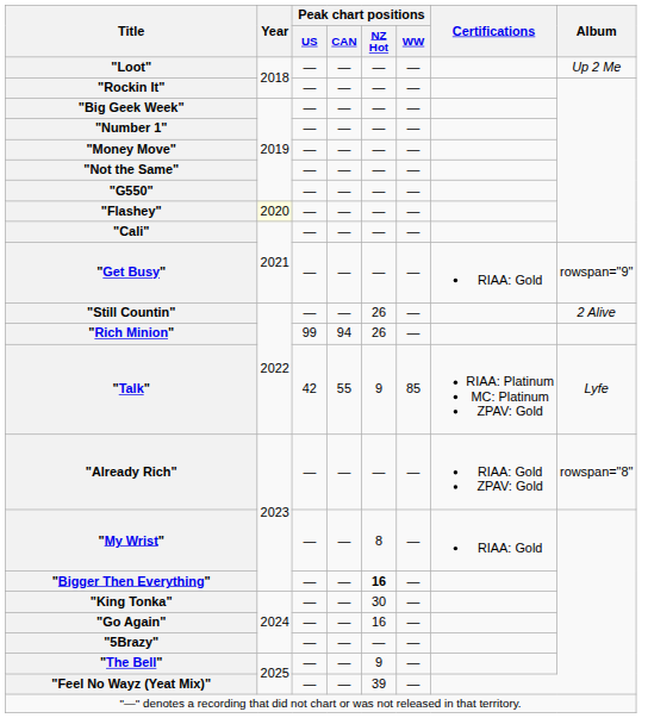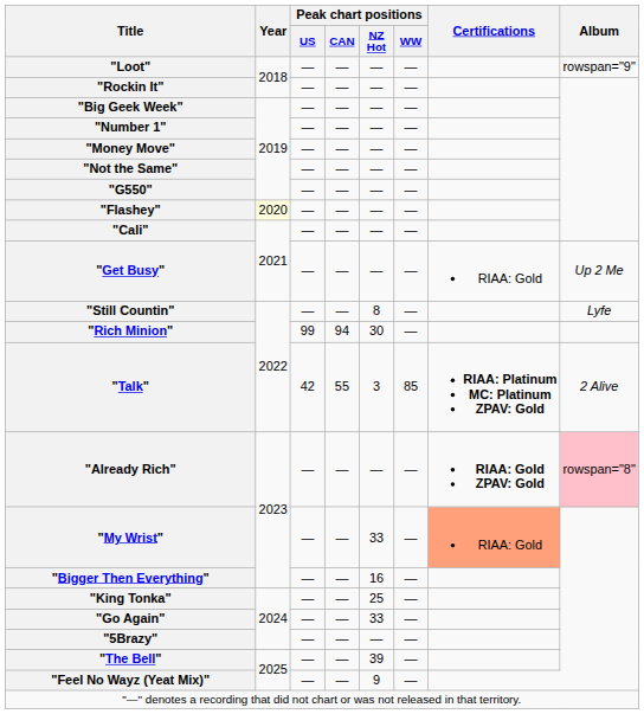 <table class="wikitable plainrowheaders" style="text-align:center;">
 <tr>
 <th scope="col" rowspan="2" style="width:19em;">Title</th>
 <th scope="col" rowspan="2">Year</th>
 <th scope="col" colspan="4">Peak chart positions</th>
 <th scope="col" rowspan="2"><a href='#'>Certifications</a></th>
 <th scope="col" rowspan="2">Album</th>
 </tr>
 <tr>
 <th scope="col" style="width:2.5em;font-size:90%;"><a href='#'>US</a><br></th>
 <th scope="col" style="width:2.5em;font-size:90%;"><a href='#'>CAN</a><br></th>
 <th scope="col" style="width:2.5em;font-size:90%;"><a href='#'>NZ<br>Hot</a><br></th>
 <th scope="col" style="width:2.5em;font-size:90%;"><a href='#'>WW</a><br></th>
 </tr>
 <tr>
 <th scope="row">"Loot"<br></th>
 <td rowspan="2">2018</td>
 <td>—</td>
 <td>—</td>
 <td>—</td>
 <td>—</td>
 <td></td>
-<td><em>Up 2 Me</em></td>
+<td>rowspan="9" </td>
 </tr>
 <tr>
 <th scope="row">"Rockin It"</th>
 <td>—</td>
 <td>—</td>
 <td>—</td>
 <td>—</td>
 <td></td>
 </tr>
 <tr>
 <th scope="row">"Big Geek Week"</th>
 <td rowspan="5">2019</td>
 <td>—</td>
 <td>—</td>
 <td>—</td>
 <td>—</td>
 <td></td>
 </tr>
 <tr>
 <th scope="row">"Number 1"</th>
 <td>—</td>
 <td>—</td>
 <td>—</td>
 <td>—</td>
 <td></td>
 </tr>
 <tr>
 <th scope="row">"Money Move"<br></th>
 <td>—</td>
 <td>—</td>
 <td>—</td>
 <td>—</td>
 <td></td>
 </tr>
 <tr>
 <th scope="row">"Not the Same"</th>
 <td>—</td>
 <td>—</td>
 <td>—</td>
 <td>—</td>
 <td></td>
 </tr>
 <tr>
 <th scope="row">"G550"<br></th>
 <td>—</td>
 <td>—</td>
 <td>—</td>
 <td>—</td>
 <td></td>
 </tr>
 <tr>
 <th scope="row">"Flashey"</th>
 <td style="background: lightyellow;">2020</td>
 <td>—</td>
 <td>—</td>
 <td>—</td>
 <td>—</td>
 <td></td>
 </tr>
 <tr>
 <th scope="row">"Cali"</th>
 <td rowspan="2">2021</td>
 <td>—</td>
 <td>—</td>
 <td>—</td>
 <td>—</td>
 <td></td>
 </tr>
 <tr>
 <th scope="row">"<a href='#'>Get Busy</a>"</th>
 <td>—</td>
 <td>—</td>
 <td>—</td>
 <td>—</td>
 <td><br><ul><li>RIAA: Gold</li></ul></td>
-<td>rowspan="9" </td>
+<td><em>Up 2 Me</em></td>
 </tr>
 <tr>
 <th scope="row">"Still Countin"</th>
 <td rowspan="3">2022</td>
 <td>—</td>
 <td>—</td>
-<td>26</td>
+<td>8</td>
 <td>—</td>
 <td></td>
-<td><em>2 Alive</em></td>
+<td><em>Lyfe</em></td>
 </tr>
 <tr>
 <th scope="row">"<a href='#'>Rich Minion</a>"</th>
 <td>99</td>
 <td>94</td>
-<td>26</td>
+<td>30</td>
 <td>—</td>
 <td></td>
 <td></td>
 </tr>
 <tr>
 <th scope="row">"<a href='#'>Talk</a>"</th>
 <td>42</td>
 <td>55</td>
-<td>9</td>
+<td>3</td>
 <td>85</td>
-<td><br><ul><li>RIAA: Platinum</li><li>MC: Platinum</li><li>ZPAV: Gold</li></ul></td>
-<td><em>Lyfe</em></td>
+<td><strong><br><ul><li>RIAA: Platinum</li><li>MC: Platinum</li><li>ZPAV: Gold</li></ul></strong></td>
+<td><em>2 Alive</em></td>
 </tr>
 <tr>
 <th scope="row">"Already Rich"</th>
 <td rowspan="3">2023</td>
 <td>—</td>
 <td>—</td>
 <td>—</td>
 <td>—</td>
-<td><br><ul><li>RIAA: Gold</li><li>ZPAV: Gold</li></ul></td>
-<td>rowspan="8" </td>
+<td><strong><br><ul><li>RIAA: Gold</li><li>ZPAV: Gold</li></ul></strong></td>
+<td style="background: pink;">rowspan="8" </td>
 </tr>
 <tr>
 <th scope="row">"<a href='#'>My Wrist</a>"<br></th>
 <td>—</td>
 <td>—</td>
-<td>8</td>
+<td>33</td>
 <td>—</td>
-<td><br><ul><li>RIAA: Gold</li></ul></td>
+<td style="background: lightsalmon;"><br><ul><li>RIAA: Gold</li></ul></td>
 </tr>
 <tr>
 <th scope="row">"<a href='#'>Bigger Then Everything</a>"</th>
 <td>—</td>
 <td>—</td>
-<td><strong>16</strong></td>
+<td>16</td>
 <td>—</td>
 <td></td>
 </tr>
 <tr>
 <th scope="row">"King Tonka"</th>
 <td rowspan="3">2024</td>
 <td>—</td>
 <td>—</td>
-<td>30</td>
+<td>25</td>
 <td>—</td>
 <td></td>
 </tr>
 <tr>
 <th scope="row">"Go Again"<br></th>
 <td>—</td>
 <td>—</td>
-<td>16</td>
+<td>33</td>
 <td>—</td>
 <td></td>
 </tr>
 <tr>
 <th scope="row">"5Brazy"<br></th>
 <td>—</td>
 <td>—</td>
 <td>—</td>
 <td>—</td>
 <td></td>
 </tr>
 <tr>
 <th scope="row">"<a href='#'>The Bell</a>"</th>
 <td rowspan="2">2025</td>
 <td>—</td>
 <td>—</td>
-<td>9</td>
+<td>39</td>
 <td>—</td>
 <td></td>
 </tr>
 <tr>
 <th scope="row">"Feel No Wayz (Yeat Mix)"</th>
 <td>—</td>
 <td>—</td>
-<td>39</td>
+<td>9</td>
 <td>—</td>
 </tr>
 <tr>
 <td colspan="14" style="font-size:90%">"—" denotes a recording that did not chart or was not released in that territory.</td>
 </tr>
 </table>
